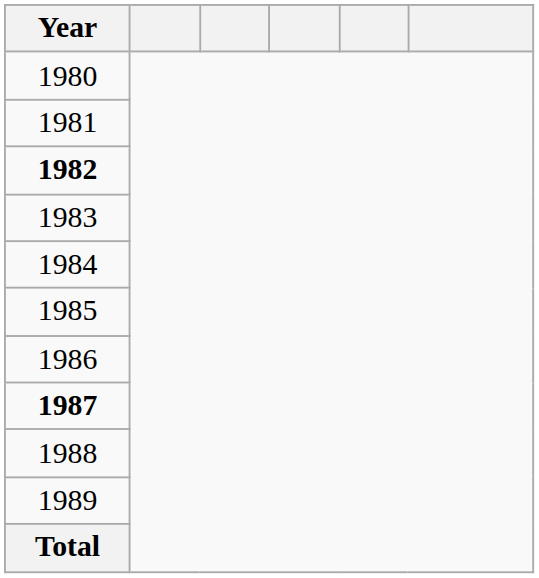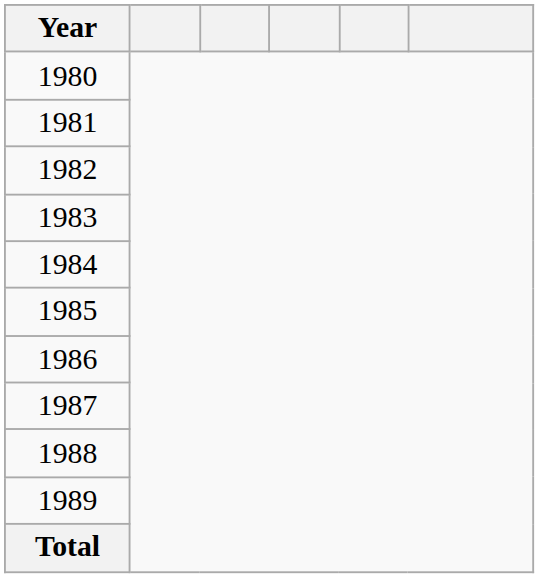 <table class="wikitable" style="text-align: center">
 <tr>
 <th width="60">Year</th>
 <th width="30"></th>
 <th width="30"></th>
 <th width="30"></th>
 <th width="30"></th>
 <th width="60"></th>
 </tr>
 <tr>
 <td>1980<br></td>
 </tr>
 <tr>
 <td>1981<br></td>
 </tr>
 <tr>
-<td><strong>1982<br></strong></td>
+<td>1982<br></td>
 </tr>
 <tr>
 <td>1983<br></td>
 </tr>
 <tr>
 <td>1984<br></td>
 </tr>
 <tr>
 <td>1985<br></td>
 </tr>
 <tr>
 <td>1986<br></td>
 </tr>
 <tr>
-<td><strong>1987<br></strong></td>
+<td>1987<br></td>
 </tr>
 <tr>
 <td>1988<br></td>
 </tr>
 <tr>
 <td>1989<br></td>
 </tr>
 <tr>
 <th>Total<br></th>
 </tr>
 </table>
